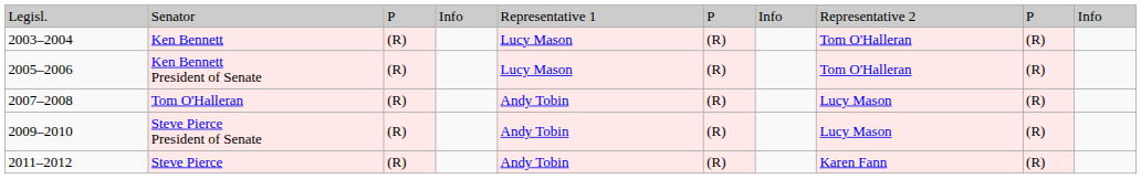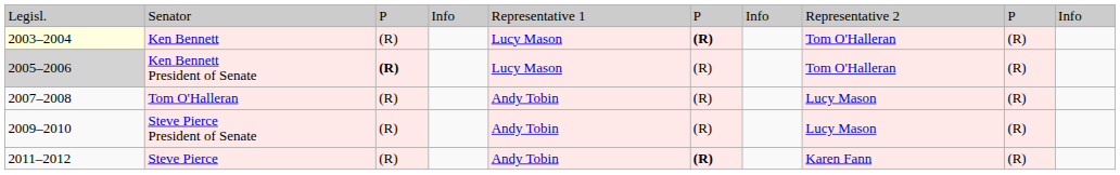 <table class=wikitable width="100%" border="1">
 <tr style="background-color:#cccccc;">
 <td>Legisl.</td>
 <td>Senator</td>
 <td>P</td>
 <td>Info</td>
 <td>Representative 1</td>
 <td>P</td>
 <td>Info</td>
 <td>Representative 2</td>
 <td>P</td>
 <td>Info</td>
 </tr>
 <tr>
-<td>2003–2004</td>
+<td style="background: lightyellow;">2003–2004</td>
 <td style="background:#FFE8E8"><a href='#'>Ken Bennett</a></td>
 <td style="background:#FFE8E8">(R)</td>
 <td></td>
 <td style="background:#FFE8E8"><a href='#'>Lucy Mason</a></td>
-<td style="background:#FFE8E8">(R)</td>
+<td style="background:#FFE8E8"><strong>(R)</strong></td>
 <td></td>
 <td style="background:#FFE8E8"><a href='#'>Tom O'Halleran</a></td>
 <td style="background:#FFE8E8">(R)</td>
 <td></td>
 </tr>
 <tr>
-<td>2005–2006</td>
+<td style="background: lightgrey;">2005–2006</td>
 <td style="background:#FFE8E8"><a href='#'>Ken Bennett</a> <br>President of Senate</td>
-<td style="background:#FFE8E8">(R)</td>
+<td style="background:#FFE8E8"><strong>(R)</strong></td>
 <td></td>
 <td style="background:#FFE8E8"><a href='#'>Lucy Mason</a></td>
 <td style="background:#FFE8E8">(R)</td>
 <td></td>
 <td style="background:#FFE8E8"><a href='#'>Tom O'Halleran</a></td>
 <td style="background:#FFE8E8">(R)</td>
 <td></td>
 </tr>
 <tr>
 <td>2007–2008</td>
 <td style="background:#FFE8E8"><a href='#'>Tom O'Halleran</a></td>
 <td style="background:#FFE8E8">(R)</td>
 <td></td>
 <td style="background:#FFE8E8"><a href='#'>Andy Tobin</a></td>
 <td style="background:#FFE8E8">(R)</td>
 <td></td>
 <td style="background:#FFE8E8"><a href='#'>Lucy Mason</a></td>
 <td style="background:#FFE8E8">(R)</td>
 <td></td>
 </tr>
 <tr>
 <td>2009–2010</td>
 <td style="background:#FFE8E8"><a href='#'>Steve Pierce</a><br>President of Senate</td>
 <td style="background:#FFE8E8">(R)</td>
 <td></td>
 <td style="background:#FFE8E8"><a href='#'>Andy Tobin</a></td>
 <td style="background:#FFE8E8">(R)</td>
 <td></td>
 <td style="background:#FFE8E8"><a href='#'>Lucy Mason</a></td>
 <td style="background:#FFE8E8">(R)</td>
 <td></td>
 </tr>
 <tr>
 <td>2011–2012</td>
 <td style="background:#FFE8E8"><a href='#'>Steve Pierce</a></td>
 <td style="background:#FFE8E8">(R)</td>
 <td></td>
 <td style="background:#FFE8E8"><a href='#'>Andy Tobin</a></td>
-<td style="background:#FFE8E8">(R)</td>
+<td style="background:#FFE8E8"><strong>(R)</strong></td>
 <td></td>
 <td style="background:#FFE8E8"><a href='#'>Karen Fann</a></td>
 <td style="background:#FFE8E8">(R)</td>
 <td></td>
 </tr>
 </table>
